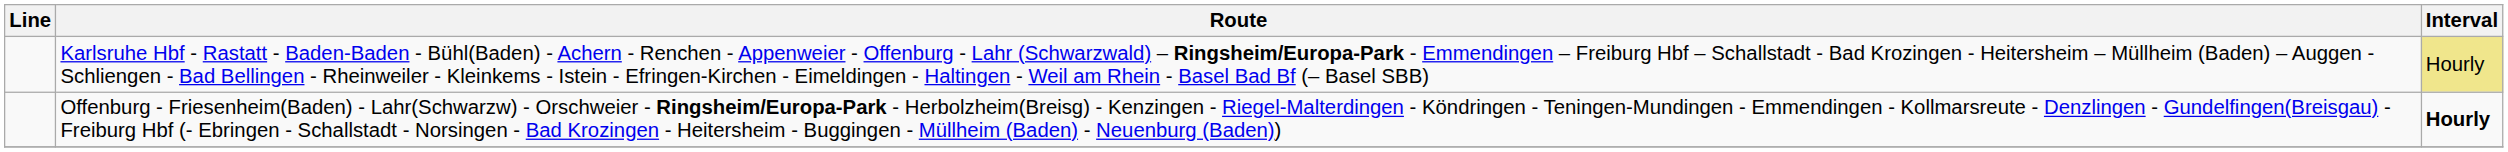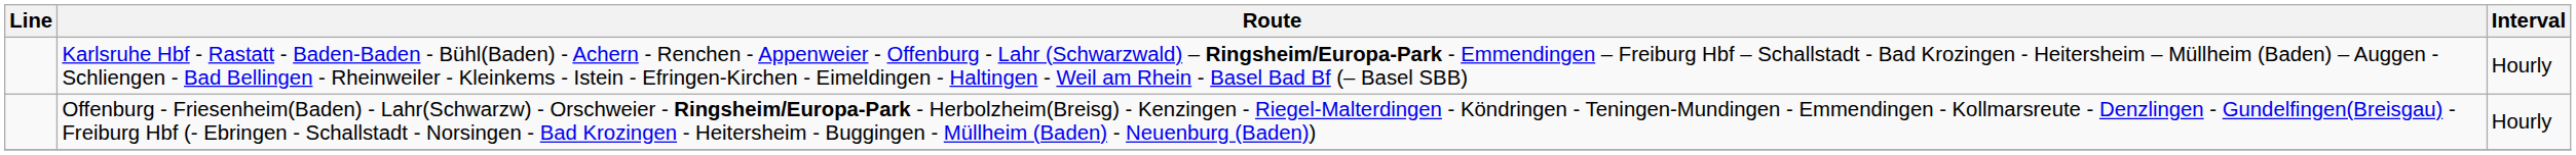 <table class="wikitable">
 <tr>
 <th>Line</th>
 <th>Route</th>
 <th>Interval</th>
 </tr>
 <tr>
 <td></td>
 <td><a href='#'>Karlsruhe Hbf</a> - <a href='#'>Rastatt</a> - <a href='#'>Baden-Baden</a> - Bühl(Baden) - <a href='#'>Achern</a> - Renchen - <a href='#'>Appenweier</a> - <a href='#'>Offenburg</a> - <a href='#'>Lahr (Schwarzwald)</a> – <strong>Ringsheim/Europa-Park</strong> - <a href='#'>Emmendingen</a> – Freiburg Hbf –  Schallstadt - Bad Krozingen - Heitersheim – Müllheim (Baden) – Auggen - Schliengen - <a href='#'>Bad Bellingen</a> - Rheinweiler - Kleinkems - Istein - Efringen-Kirchen - Eimeldingen - <a href='#'>Haltingen</a> - <a href='#'>Weil am Rhein</a> - <a href='#'>Basel Bad Bf</a> (– Basel SBB)</td>
-<td style="background: khaki;">Hourly</td>
+<td>Hourly</td>
 </tr>
 <tr>
 <td></td>
 <td>Offenburg - Friesenheim(Baden) - Lahr(Schwarzw) - Orschweier - <strong>Ringsheim/Europa-Park</strong> - Herbolzheim(Breisg) - Kenzingen - <a href='#'>Riegel-Malterdingen</a> - Köndringen - Teningen-Mundingen - Emmendingen - Kollmarsreute - <a href='#'>Denzlingen</a> - <a href='#'>Gundelfingen(Breisgau)</a> - Freiburg Hbf (- Ebringen - Schallstadt - Norsingen - <a href='#'>Bad Krozingen</a> - Heitersheim - Buggingen - <a href='#'>Müllheim (Baden)</a> - <a href='#'>Neuenburg (Baden)</a>)</td>
-<td><strong>Hourly</strong></td>
+<td>Hourly</td>
 </tr>
 <tr>
 </tr>
 </table>
